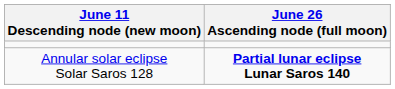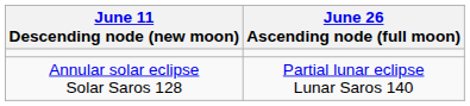 <table class="wikitable">
 <tr>
 <th><a href='#'>June 11</a><br>Descending node (new moon)<br></th>
 <th><a href='#'>June 26</a><br>Ascending node (full moon)<br></th>
 </tr>
 <tr>
 <td></td>
 <td></td>
 </tr>
 <tr align=center>
 <td><a href='#'>Annular solar eclipse</a><br>Solar Saros 128</td>
-<td><strong><a href='#'>Partial lunar eclipse</a><br>Lunar Saros 140</strong></td>
+<td><a href='#'>Partial lunar eclipse</a><br>Lunar Saros 140</td>
 </tr>
 </table>
